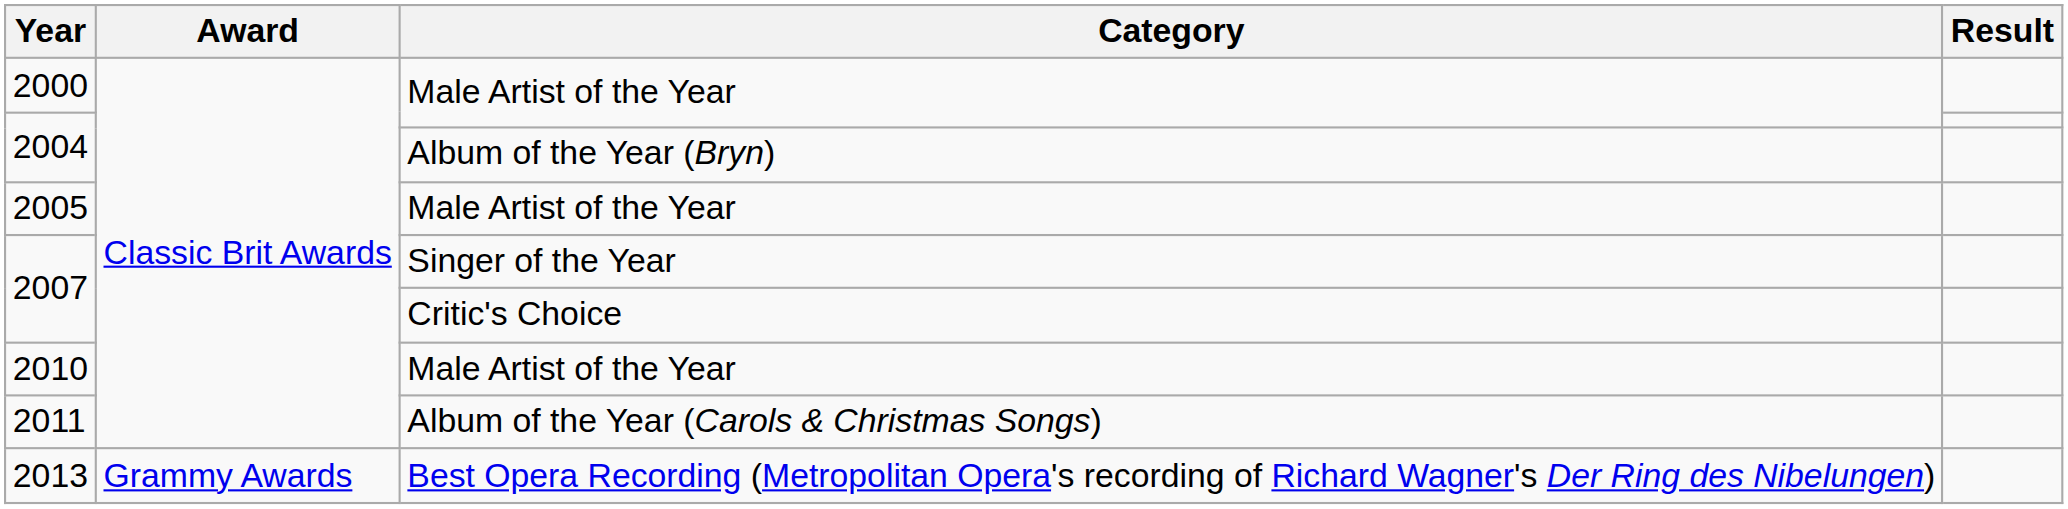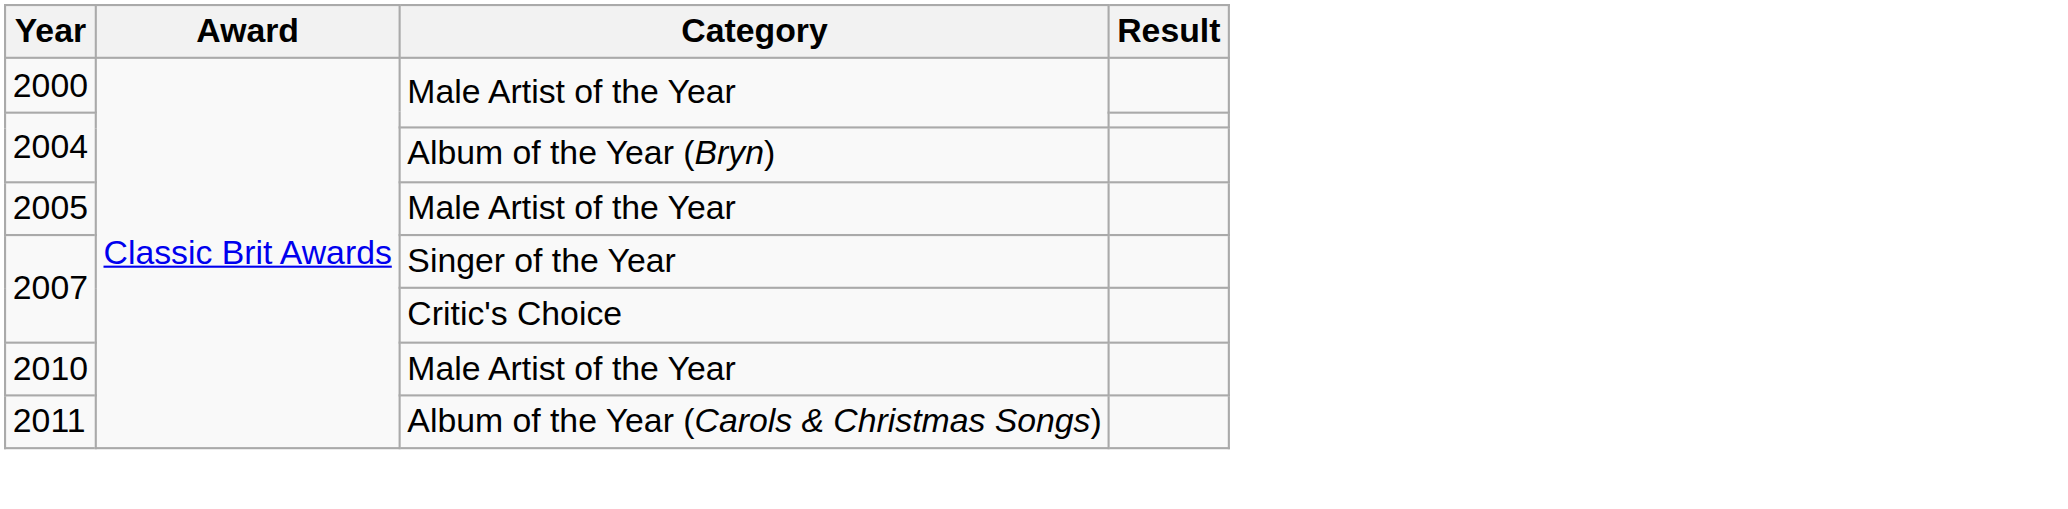 <table class="wikitable">
 <tr>
 <th>Year</th>
 <th>Award</th>
 <th>Category</th>
 <th>Result</th>
 </tr>
 <tr>
 <td rowspan="1">2000</td>
 <td rowspan="8"><a href='#'>Classic Brit Awards</a></td>
 <td rowspan="2">Male Artist of the Year</td>
 <td></td>
 </tr>
 <tr>
 <td rowspan="2">2004</td>
 <td></td>
 </tr>
 <tr>
 <td>Album of the Year (<em>Bryn</em>)</td>
 <td></td>
 </tr>
 <tr>
 <td rowspan="1">2005</td>
 <td rowspan="1">Male Artist of the Year</td>
 <td></td>
 </tr>
 <tr>
 <td rowspan="2">2007</td>
 <td>Singer of the Year</td>
 <td></td>
 </tr>
 <tr>
 <td>Critic's Choice</td>
 <td></td>
 </tr>
 <tr>
 <td rowspan="1">2010</td>
 <td rowspan="1">Male Artist of the Year</td>
 <td></td>
 </tr>
 <tr>
 <td rowspan="1">2011</td>
 <td>Album of the Year (<em>Carols & Christmas Songs</em>)</td>
 <td></td>
 </tr>
-<tr>
-<td rowspan="1">2013</td>
-<td><a href='#'>Grammy Awards</a></td>
-<td><a href='#'>Best Opera Recording</a> (<a href='#'>Metropolitan Opera</a>'s recording of <a href='#'>Richard Wagner</a>'s <em><a href='#'>Der Ring des Nibelungen</a></em>)</td>
-<td></td>
-</tr>
 </table>
